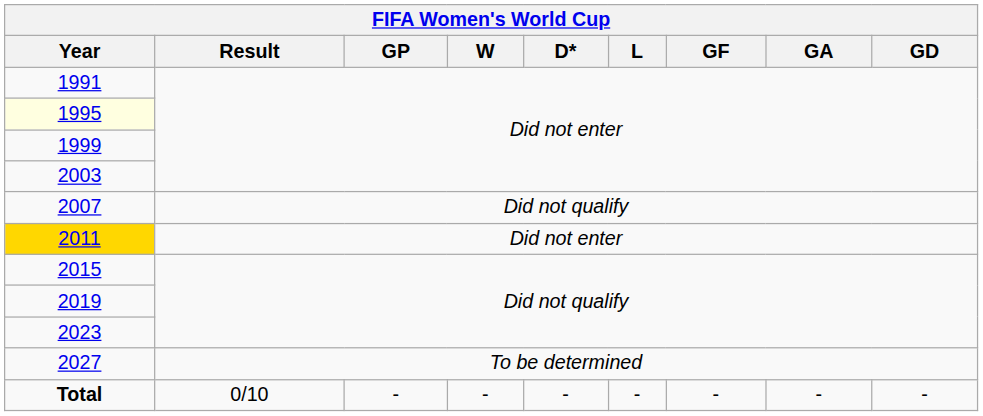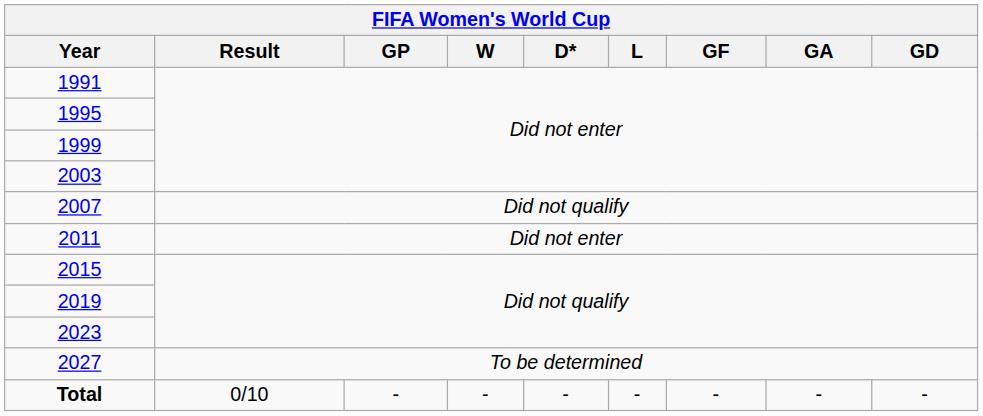 <table class="wikitable" style="text-align: center; width:50%;">
 <tr>
 <th colspan=10><a href='#'>FIFA Women's World Cup</a></th>
 </tr>
 <tr>
 <th>Year</th>
 <th>Result</th>
 <th>GP</th>
 <th>W</th>
 <th>D*</th>
 <th>L</th>
 <th>GF</th>
 <th>GA</th>
 <th>GD</th>
 </tr>
 <tr>
 <td> <a href='#'>1991</a></td>
 <td colspan=8 rowspan=4><em>Did not enter</em></td>
 </tr>
 <tr>
-<td style="background: lightyellow;"> <a href='#'>1995</a></td>
+<td> <a href='#'>1995</a></td>
 </tr>
 <tr>
 <td> <a href='#'>1999</a></td>
 </tr>
 <tr>
 <td> <a href='#'>2003</a></td>
 </tr>
 <tr>
 <td> <a href='#'>2007</a></td>
 <td colspan=8><em>Did not qualify</em></td>
 </tr>
 <tr>
-<td style="background: gold;"> <a href='#'>2011</a></td>
+<td> <a href='#'>2011</a></td>
 <td colspan=8><em>Did not enter</em></td>
 </tr>
 <tr>
 <td> <a href='#'>2015</a></td>
 <td colspan=8 rowspan=3><em>Did not qualify</em></td>
 </tr>
 <tr>
 <td> <a href='#'>2019</a></td>
 </tr>
 <tr>
 <td> <a href='#'>2023</a></td>
 </tr>
 <tr>
 <td> <a href='#'>2027</a></td>
 <td colspan=8><em>To be determined</em></td>
 </tr>
 <tr>
 <td><strong>Total</strong></td>
 <td>0/10</td>
 <td>-</td>
 <td>-</td>
 <td>-</td>
 <td>-</td>
 <td>-</td>
 <td>-</td>
 <td>-</td>
 </tr>
 </table>
